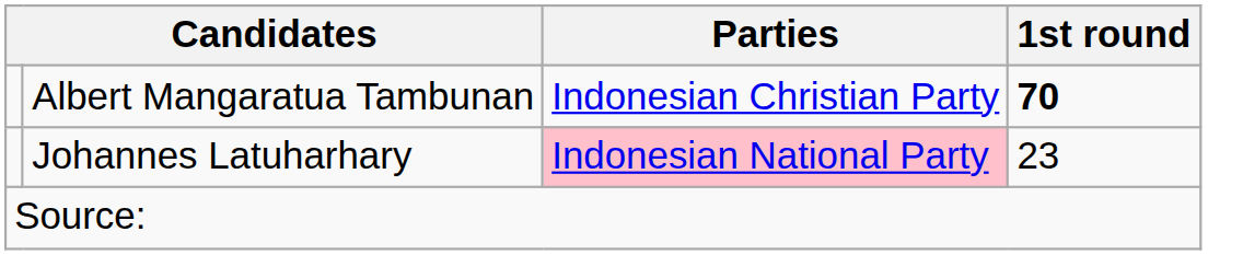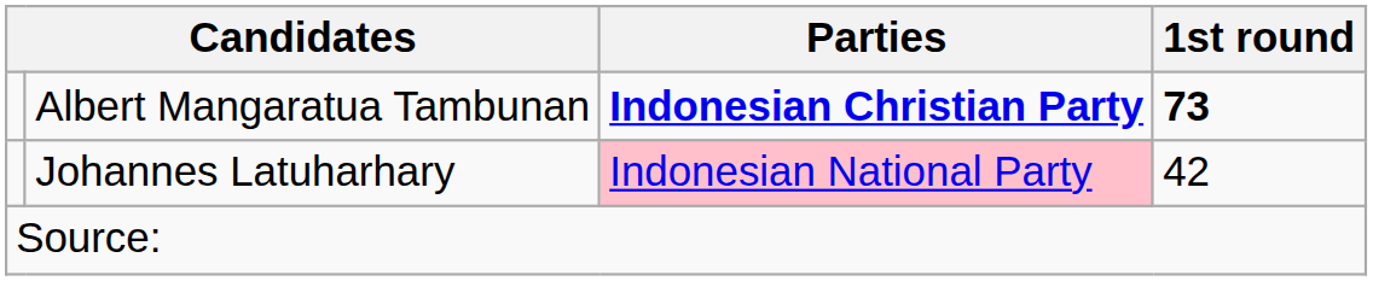 <table class="wikitable">
 <tr>
 <th colspan="2">Candidates</th>
 <th>Parties</th>
 <th>1st round</th>
 </tr>
 <tr>
 <td style="background-color:"></td>
 <td>Albert Mangaratua Tambunan</td>
-<td><a href='#'>Indonesian Christian Party</a></td>
-<td><strong>70</strong></td>
+<td><strong><a href='#'>Indonesian Christian Party</a></strong></td>
+<td><strong>73</strong></td>
 </tr>
 <tr>
 <td style="background-color:"></td>
 <td>Johannes Latuharhary</td>
 <td style="background: pink;"><a href='#'>Indonesian National Party</a></td>
-<td>23</td>
+<td>42</td>
 </tr>
 <tr>
 <td colspan="4">Source: </td>
 </tr>
 </table>
